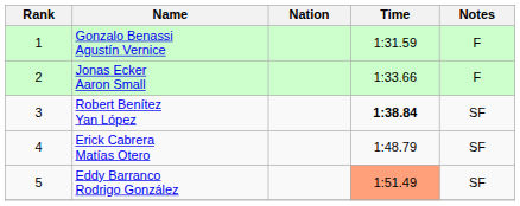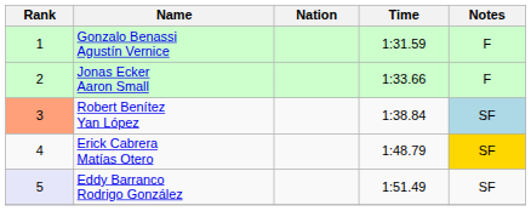 <table class="wikitable sortable" style="text-align:center" width=50%>
 <tr>
 <th>Rank</th>
 <th>Name</th>
 <th>Nation</th>
 <th>Time</th>
 <th>Notes</th>
 </tr>
 <tr bgcolor=ccffcc>
 <td>1</td>
 <td align=left><a href='#'>Gonzalo Benassi</a><br><a href='#'>Agustín Vernice</a></td>
 <td align=left></td>
 <td>1:31.59</td>
 <td>F</td>
 </tr>
 <tr bgcolor=ccffcc>
 <td>2</td>
 <td align=left><a href='#'>Jonas Ecker</a><br><a href='#'>Aaron Small</a></td>
 <td align=left></td>
 <td>1:33.66</td>
 <td>F</td>
 </tr>
 <tr>
-<td>3</td>
+<td style="background: lightsalmon;">3</td>
 <td align=left><a href='#'>Robert Benítez</a><br><a href='#'>Yan López</a></td>
 <td align=left></td>
-<td><strong>1:38.84</strong></td>
-<td>SF</td>
+<td>1:38.84</td>
+<td style="background: lightblue;">SF</td>
 </tr>
 <tr>
 <td>4</td>
 <td align=left><a href='#'>Erick Cabrera</a><br><a href='#'>Matías Otero</a></td>
 <td align=left></td>
 <td>1:48.79</td>
-<td>SF</td>
+<td style="background: gold;">SF</td>
 </tr>
 <tr>
-<td>5</td>
+<td style="background: lavender;">5</td>
 <td align=left><a href='#'>Eddy Barranco</a><br><a href='#'>Rodrigo González</a></td>
 <td align=left></td>
-<td style="background: lightsalmon;">1:51.49</td>
+<td>1:51.49</td>
 <td>SF</td>
 </tr>
 <tr>
 </tr>
 </table>
